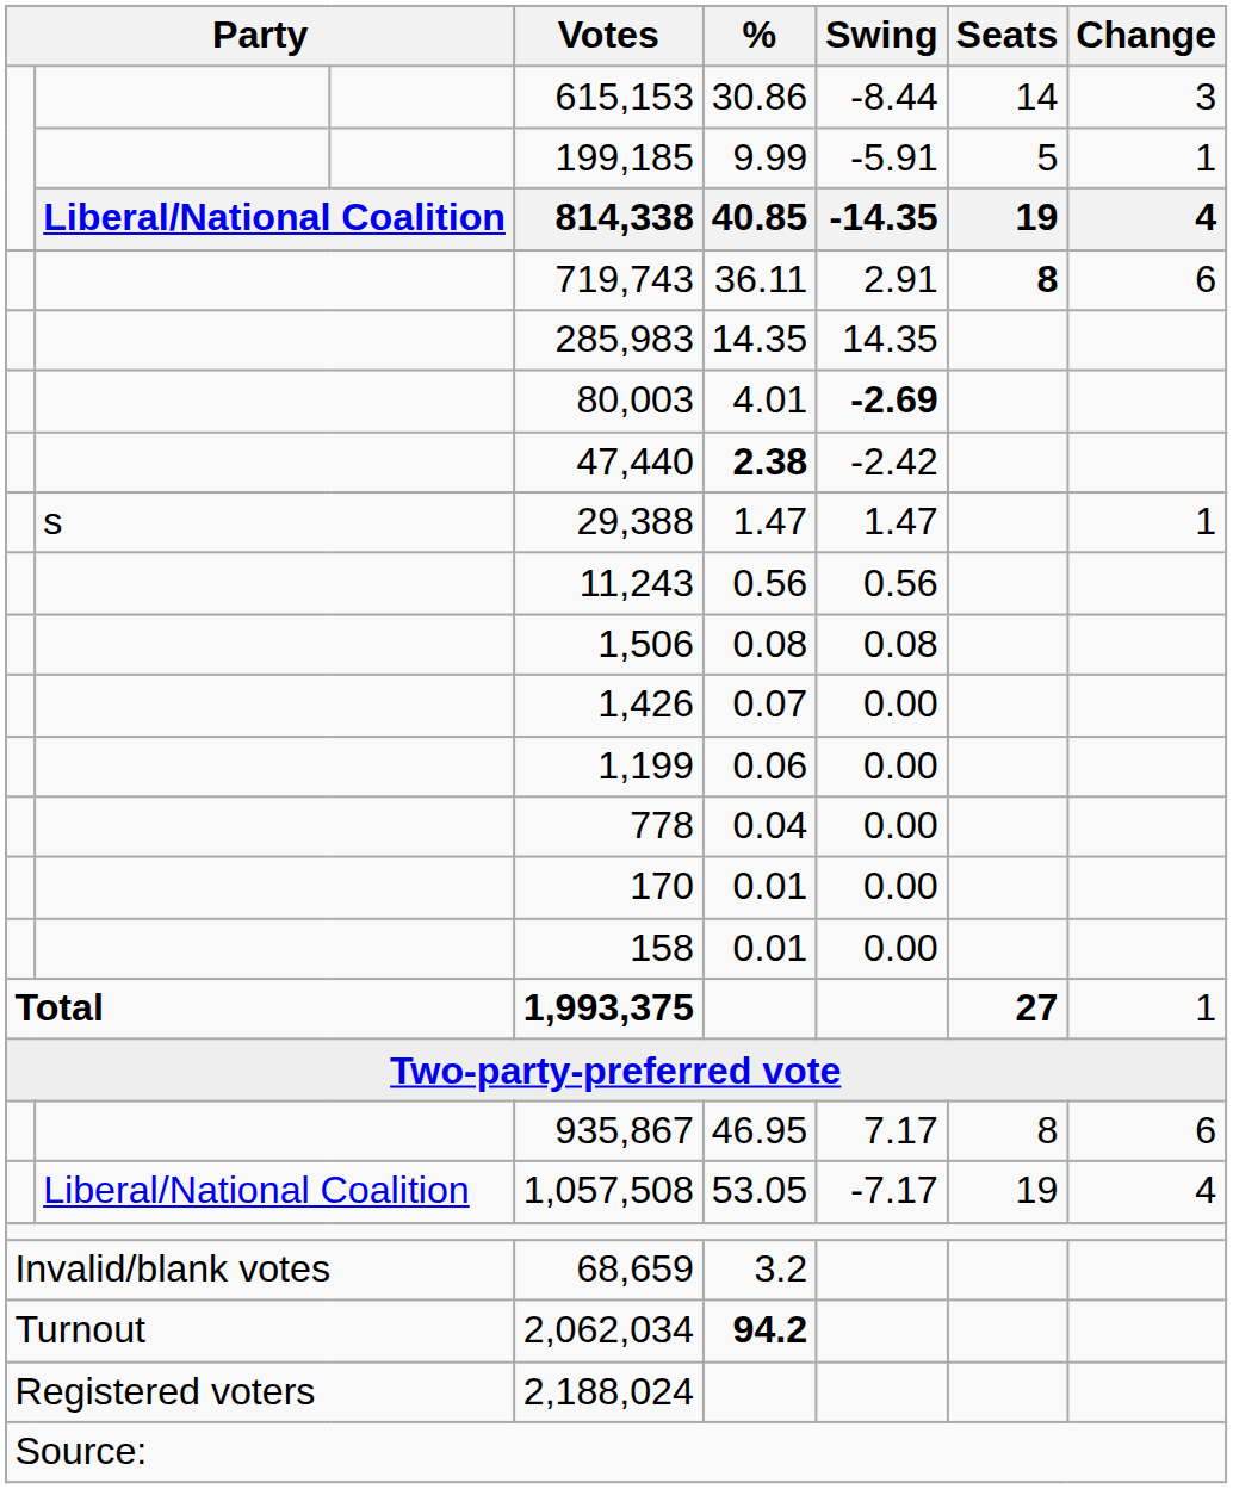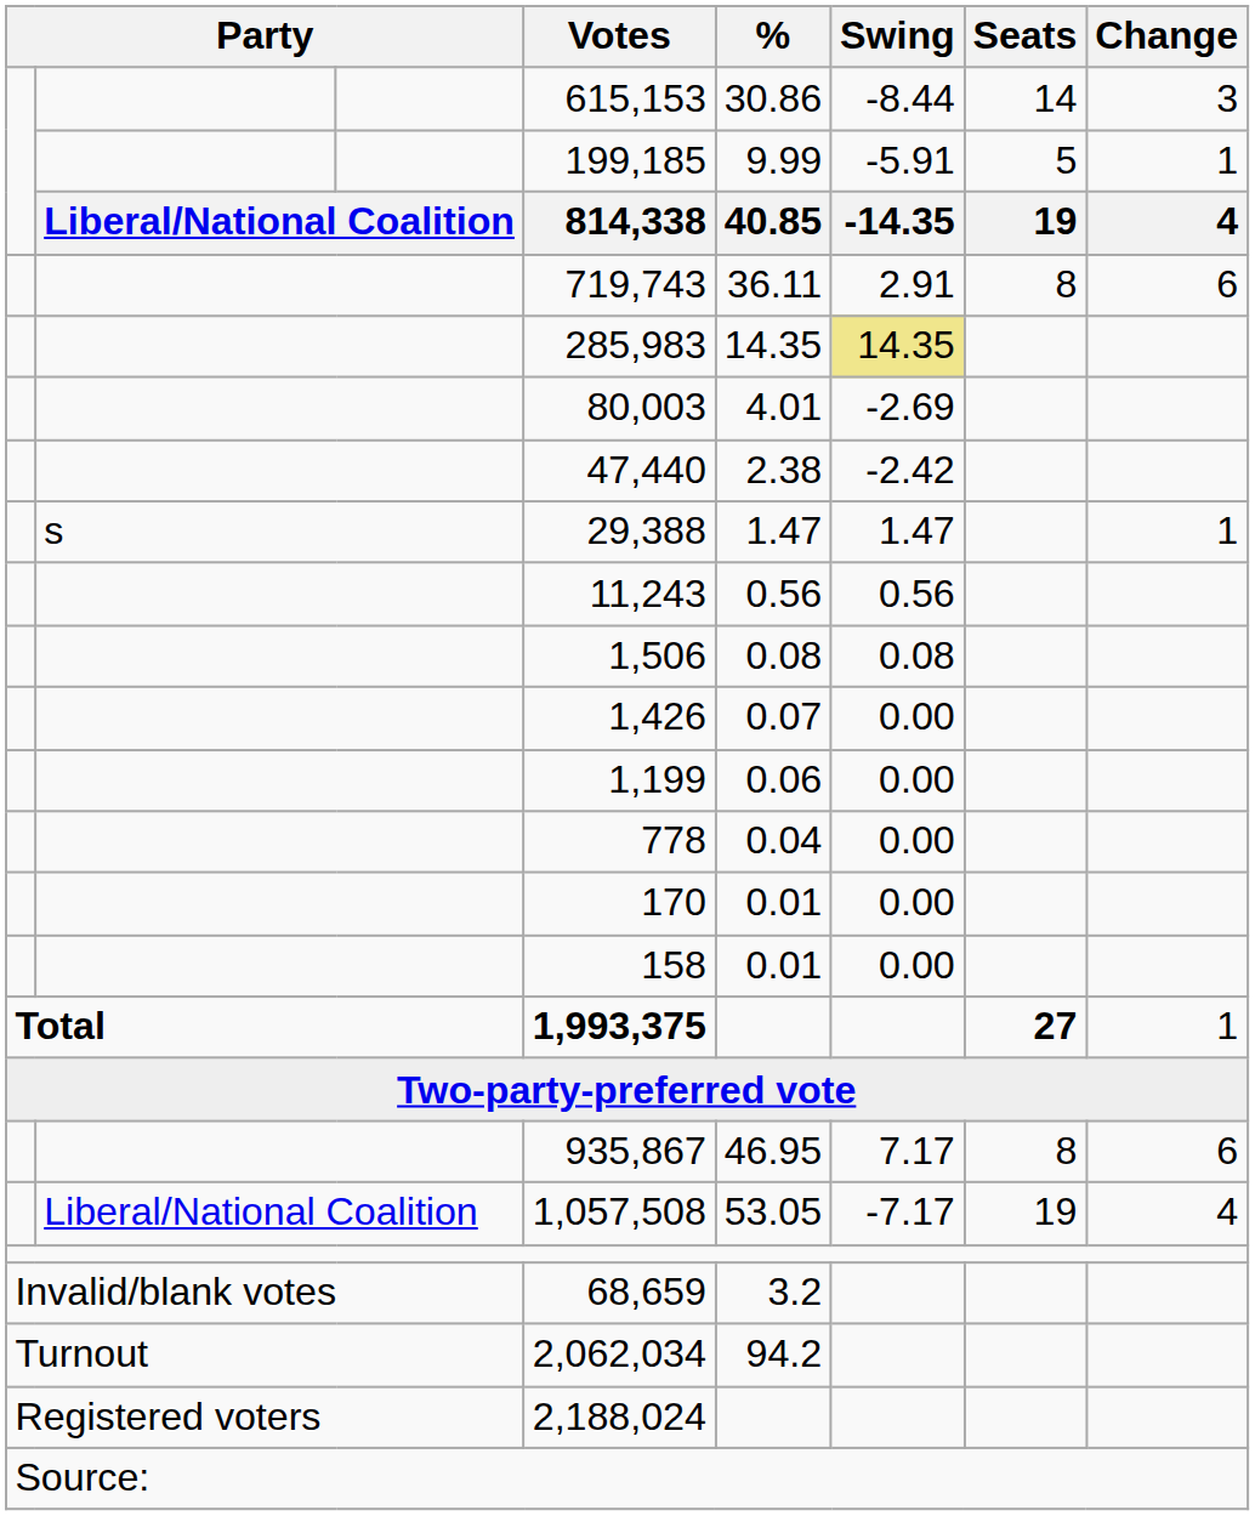 <table class="wikitable">
 <tr>
 <th style="width:200px" colspan=3>Party</th>
 <th style="width:70px; text-align:center;">Votes</th>
 <th style="width:40px; text-align:center;">%</th>
 <th style="width:40px; text-align:center;">Swing</th>
 <th style="width:40px; text-align:center;">Seats</th>
 <th style="width:40px; text-align:center;">Change</th>
 </tr>
 <tr>
 <td rowspan="3"> </td>
 <td> </td>
 <td></td>
 <td align=right>615,153</td>
 <td align=right>30.86</td>
 <td align=right>-8.44</td>
 <td align=right>14</td>
 <td align=right> 3</td>
 </tr>
 <tr>
 <td> </td>
 <td></td>
 <td align=right>199,185</td>
 <td align=right>9.99</td>
 <td align=right>-5.91</td>
 <td align=right>5</td>
 <td align=right> 1</td>
 </tr>
 <tr>
 <th colspan="2" style="text-align:left;"><a href='#'>Liberal/National Coalition</a></th>
 <th style="text-align:right;">814,338</th>
 <th style="text-align:right;">40.85</th>
 <th style="text-align:right;">-14.35</th>
 <th style="text-align:right;">19</th>
 <th style="text-align:right;"> 4</th>
 </tr>
 <tr>
 <td> </td>
 <td colspan=2></td>
 <td align=right>719,743</td>
 <td align=right>36.11</td>
 <td align=right>2.91</td>
-<td align=right><strong>8</strong></td>
+<td align=right>8</td>
 <td align=right> 6</td>
 </tr>
 <tr>
 <td> </td>
 <td colspan=2></td>
 <td align=right>285,983</td>
 <td align=right>14.35</td>
-<td align=right>14.35</td>
+<td align=right style="background: khaki;">14.35</td>
 <td align=right></td>
 <td align=right></td>
 </tr>
 <tr>
 <td> </td>
 <td colspan=2></td>
 <td align=right>80,003</td>
 <td align=right>4.01</td>
-<td align=right><strong>-2.69</strong></td>
+<td align=right>-2.69</td>
 <td align=right></td>
 <td align=right></td>
 </tr>
 <tr>
 <td> </td>
 <td colspan=2></td>
 <td align=right>47,440</td>
-<td align=right><strong>2.38</strong></td>
+<td align=right>2.38</td>
 <td align=right>-2.42</td>
 <td align=right></td>
 <td align=right></td>
 </tr>
 <tr>
 <td> </td>
 <td colspan=2>s</td>
 <td align=right>29,388</td>
 <td align=right>1.47</td>
 <td align=right>1.47</td>
 <td align=right></td>
 <td align=right> 1</td>
 </tr>
 <tr>
 <td> </td>
 <td colspan=2></td>
 <td align=right>11,243</td>
 <td align=right>0.56</td>
 <td align=right>0.56</td>
 <td align=right></td>
 <td align=right></td>
 </tr>
 <tr>
 <td> </td>
 <td colspan=2></td>
 <td align=right>1,506</td>
 <td align=right>0.08</td>
 <td align=right>0.08</td>
 <td align=right></td>
 <td align=right></td>
 </tr>
 <tr>
 <td> </td>
 <td colspan=2></td>
 <td align=right>1,426</td>
 <td align=right>0.07</td>
 <td align=right>0.00</td>
 <td align=right></td>
 <td align=right></td>
 </tr>
 <tr>
 <td> </td>
 <td colspan=2></td>
 <td align=right>1,199</td>
 <td align=right>0.06</td>
 <td align=right>0.00</td>
 <td align=right></td>
 <td align=right></td>
 </tr>
 <tr>
 <td> </td>
 <td colspan=2></td>
 <td align=right>778</td>
 <td align=right>0.04</td>
 <td align=right>0.00</td>
 <td align=right></td>
 <td align=right></td>
 </tr>
 <tr>
 <td> </td>
 <td colspan=2></td>
 <td align=right>170</td>
 <td align=right>0.01</td>
 <td align=right>0.00</td>
 <td align=right></td>
 <td align=right></td>
 </tr>
 <tr>
 <td> </td>
 <td colspan=2></td>
 <td align=right>158</td>
 <td align=right>0.01</td>
 <td align=right>0.00</td>
 <td align=right></td>
 <td align=right></td>
 </tr>
 <tr>
 <td colspan="3" align="left"><strong>Total</strong></td>
 <td align=right><strong>1,993,375</strong></td>
 <td align=right></td>
 <td align=right></td>
 <td align=right><strong>27</strong></td>
 <td align=right> 1</td>
 </tr>
 <tr>
 <td colspan="8" style="text-align:center; background:#eee;"><strong><a href='#'>Two-party-preferred vote</a></strong></td>
 </tr>
 <tr>
 <td> </td>
 <td colspan=2></td>
 <td align=right>935,867</td>
 <td align=right>46.95</td>
 <td align=right>7.17</td>
 <td align=right>8</td>
 <td align=right> 6</td>
 </tr>
 <tr>
 <td> </td>
 <td colspan=2><a href='#'>Liberal/National Coalition</a></td>
 <td align=right>1,057,508</td>
 <td align=right>53.05</td>
 <td align=right>-7.17</td>
 <td align=right>19</td>
 <td align=right> 4</td>
 </tr>
 <tr>
 <td colspan="8"></td>
 </tr>
 <tr>
 <td colspan="3" style="text-align:left;">Invalid/blank votes</td>
 <td align="right">68,659</td>
 <td align="right">3.2</td>
 <td align="right"></td>
 <td></td>
 <td></td>
 </tr>
 <tr>
 <td colspan="3" style="text-align:left;">Turnout</td>
 <td align="right">2,062,034</td>
-<td align="right"><strong>94.2</strong></td>
+<td align="right">94.2</td>
 <td align="right"></td>
 <td></td>
 <td></td>
 </tr>
 <tr>
 <td colspan="3" style="text-align:left;">Registered voters</td>
 <td align="right">2,188,024</td>
 <td></td>
 <td></td>
 <td></td>
 <td></td>
 </tr>
 <tr>
 <td colspan="8" align="left">Source: </td>
 </tr>
 </table>
